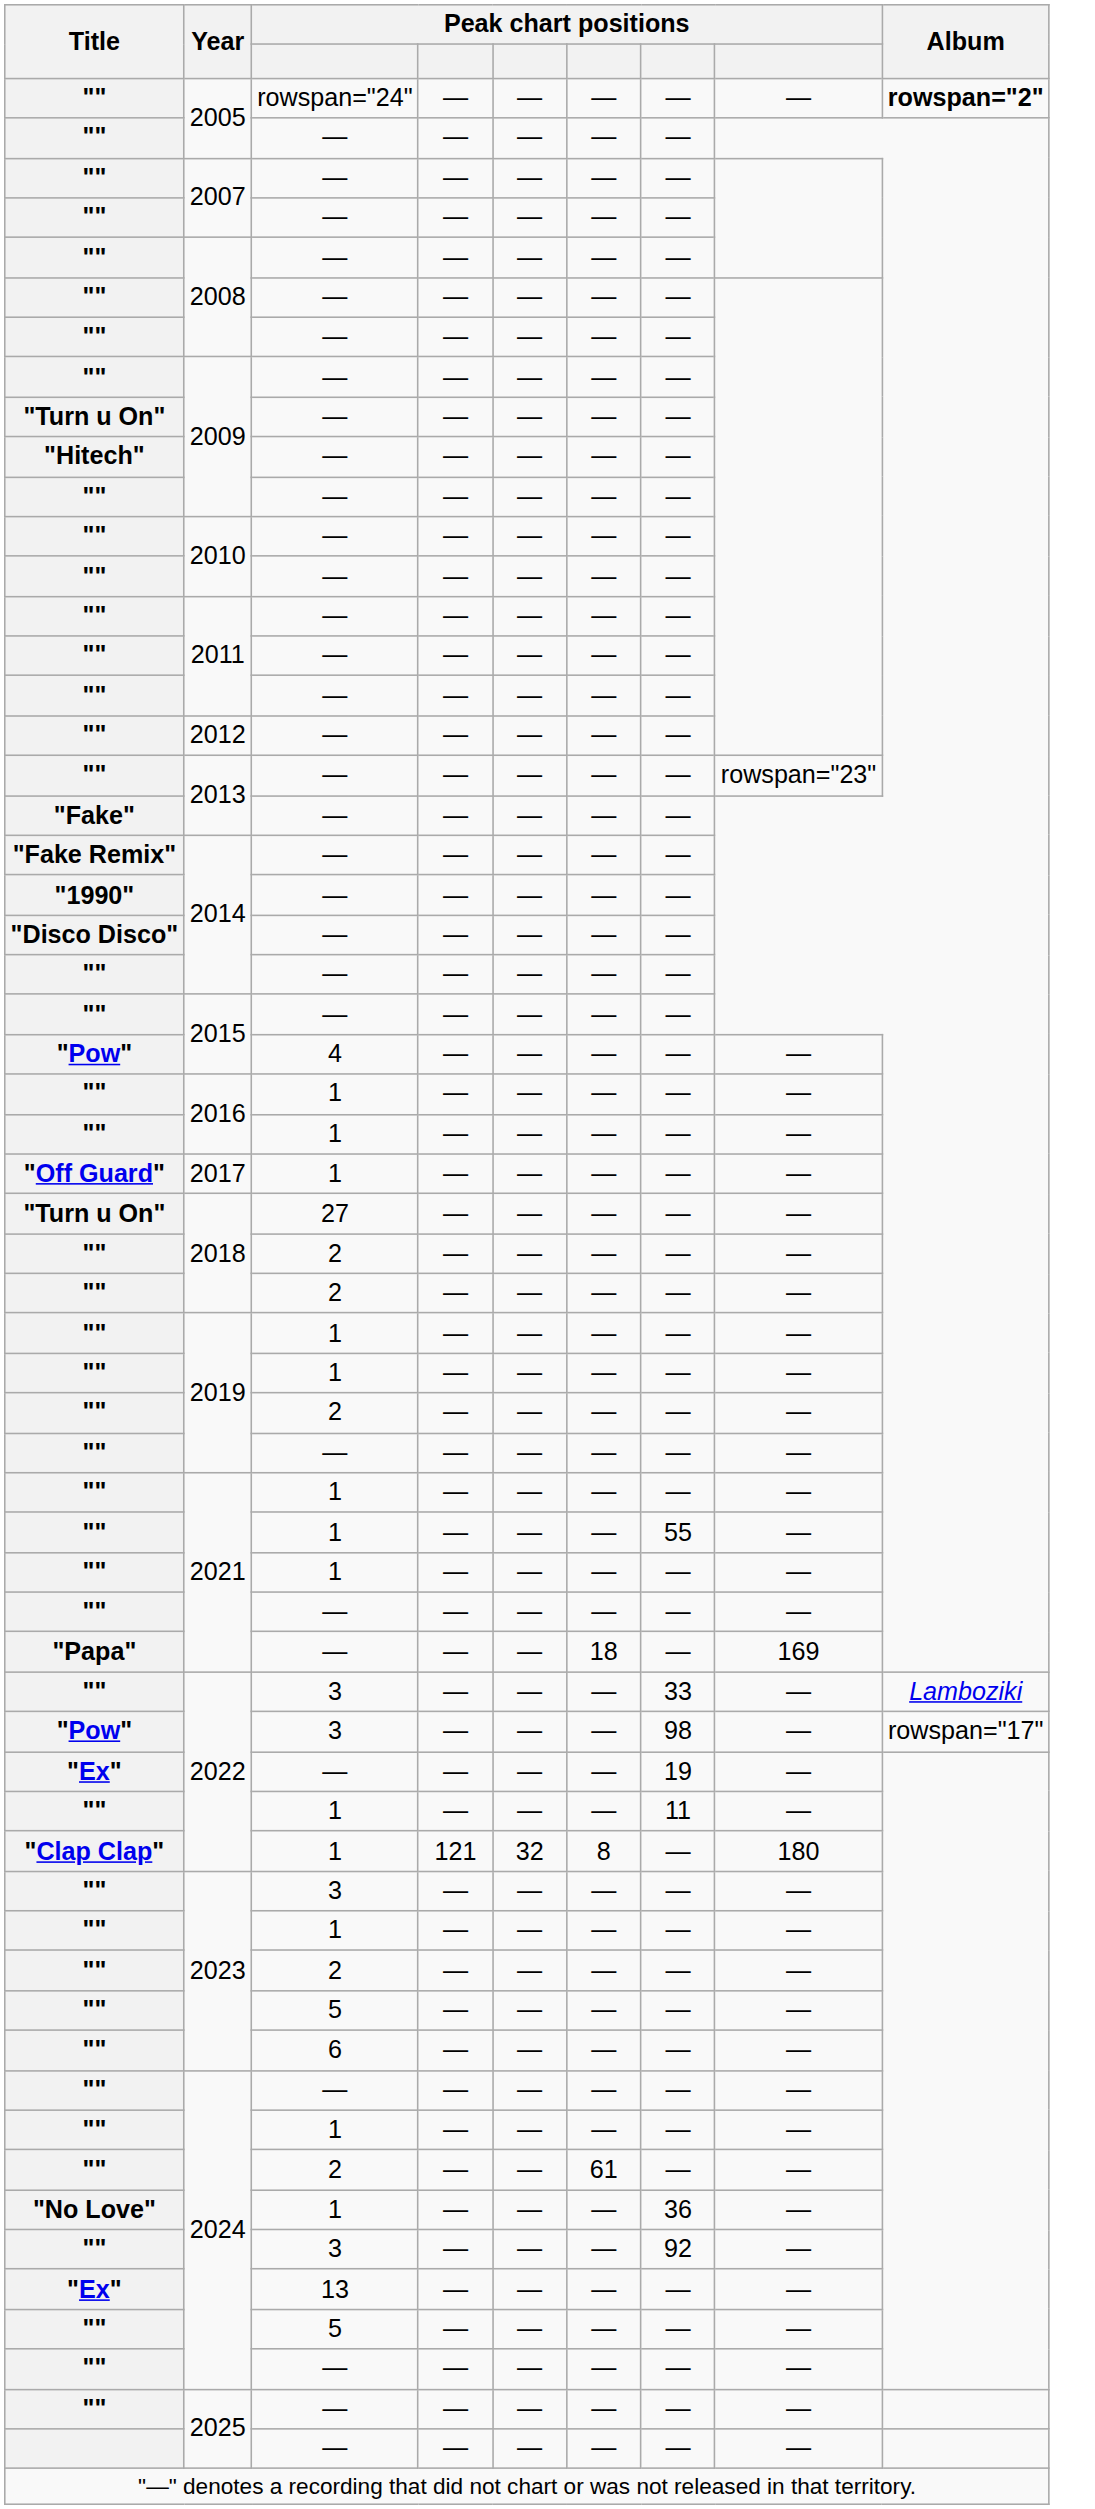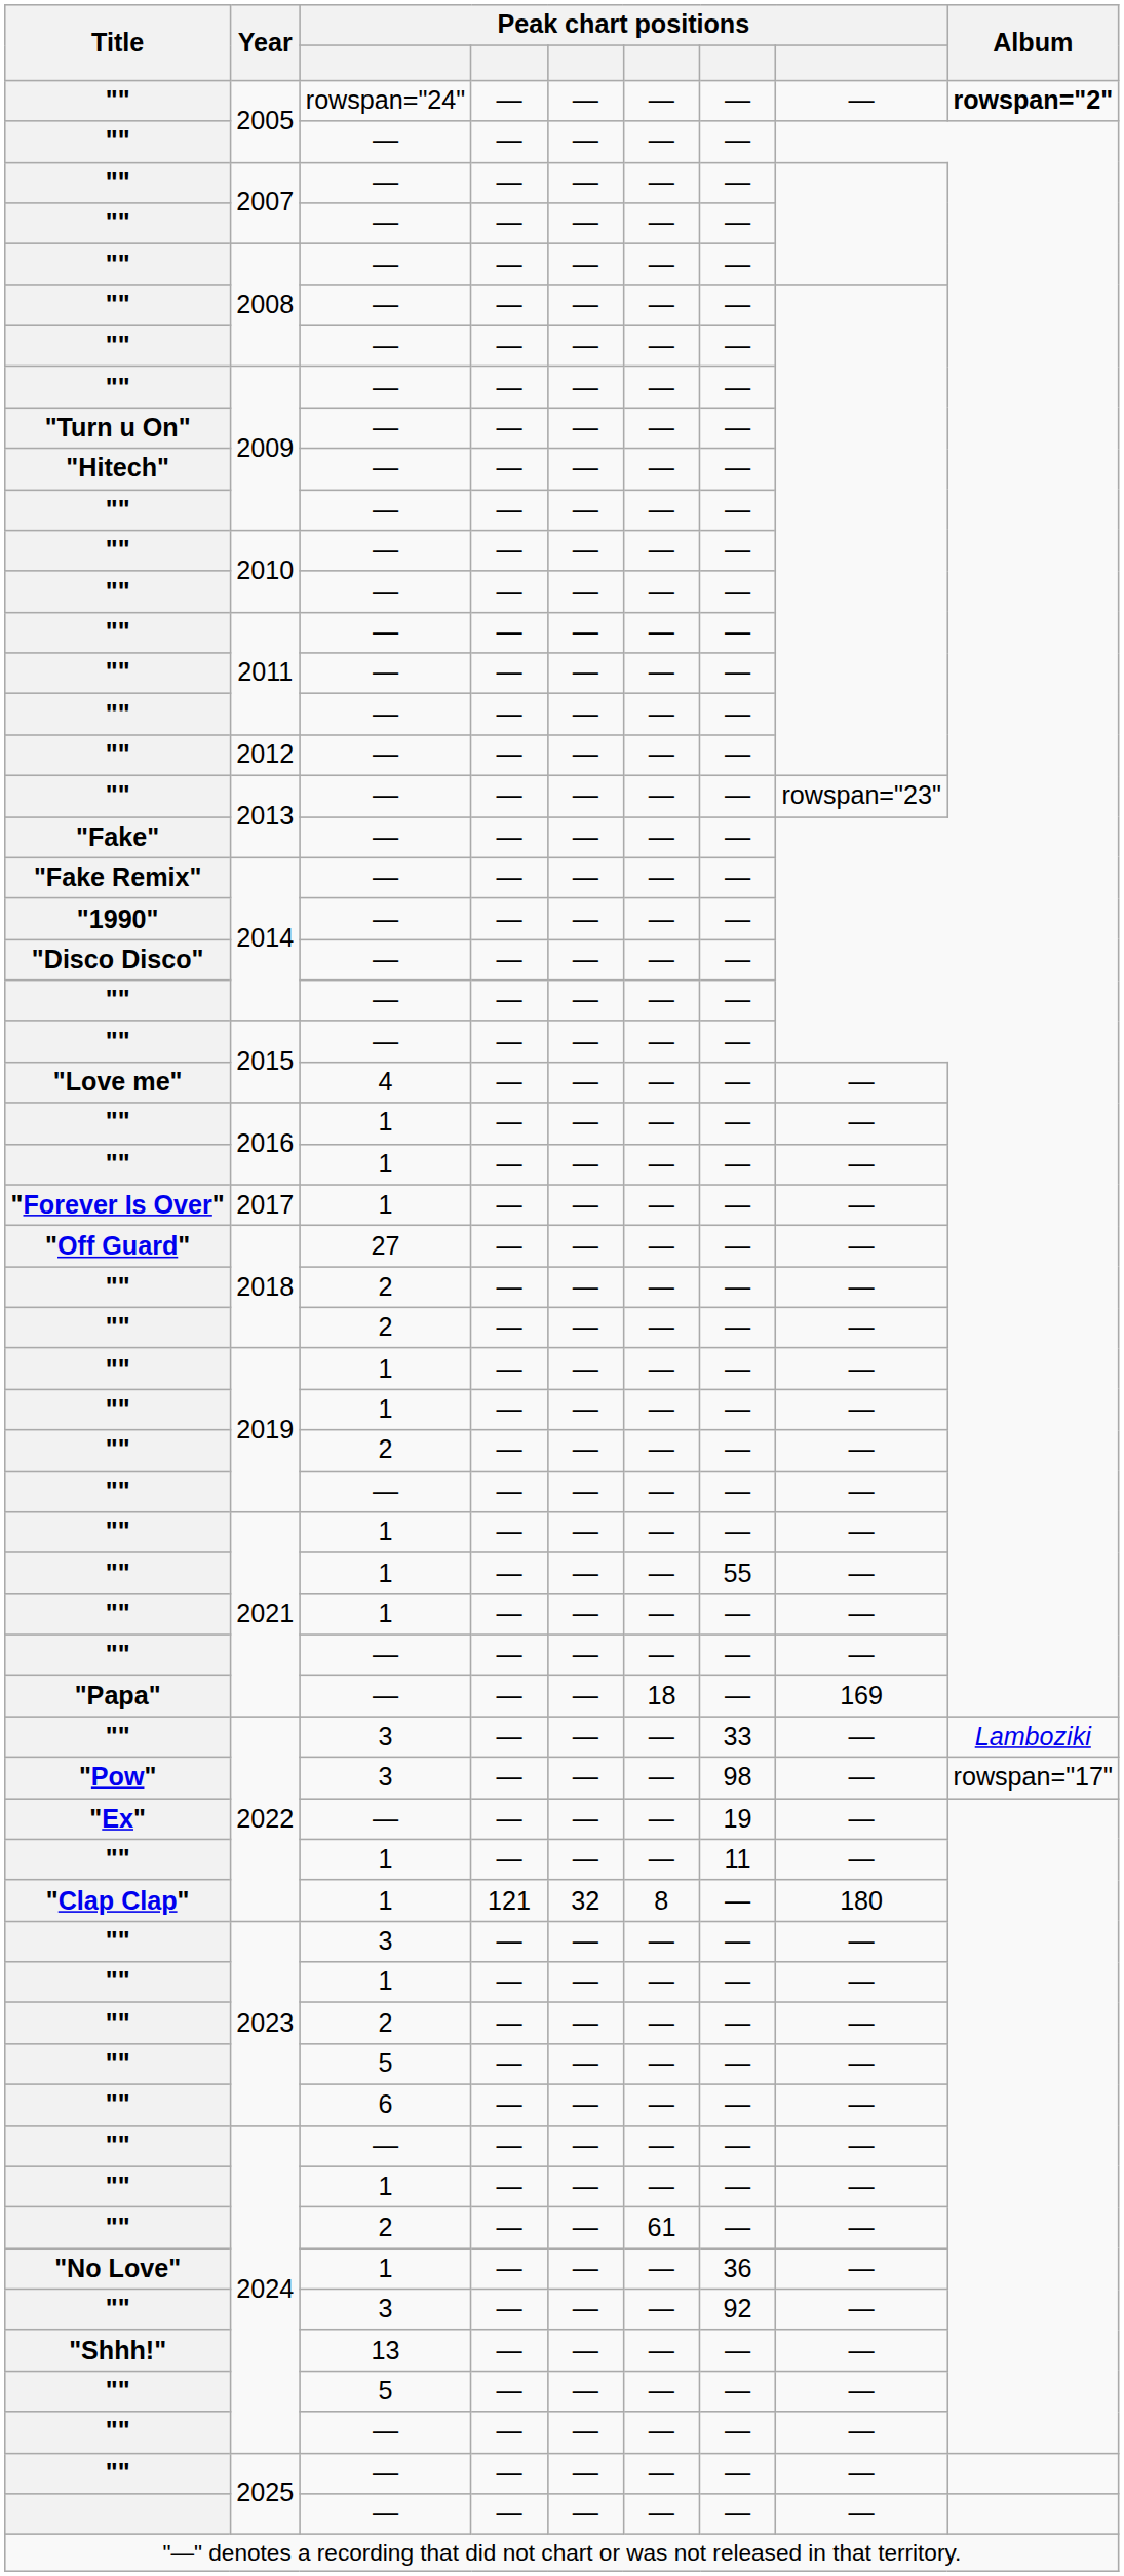 <table class="wikitable plainrowheaders" style="text-align:center;">
 <tr>
 <th scope="col" rowspan="2">Title</th>
 <th scope="col" rowspan="2">Year</th>
 <th scope="col" colspan="6">Peak chart positions</th>
 <th scope="col" rowspan="2">Album</th>
 </tr>
 <tr>
 <th style="width:3em; font-size:85%;"><a href='#'></a><br></th>
 <th style="width:3em;font-size:85%;"><a href='#'></a><br></th>
 <th style="width:3em; font-size:85%;"><a href='#'></a><br></th>
 <th style="width:3em; font-size:85%;"><a href='#'></a><br></th>
 <th style="width:3em; font-size:85%;"><a href='#'></a><br></th>
 <th style="width:3em; font-size:85%;"><a href='#'></a><br></th>
 </tr>
 <tr>
 <th scope="row">""</th>
 <td rowspan="2">2005</td>
 <td>rowspan="24" </td>
 <td>—</td>
 <td>—</td>
 <td>—</td>
 <td>—</td>
 <td>—</td>
 <td><strong>rowspan="2" </strong></td>
 </tr>
 <tr>
 <th scope="row">""</th>
 <td>—</td>
 <td>—</td>
 <td>—</td>
 <td>—</td>
 <td>—</td>
 </tr>
 <tr>
 <th scope="row">""</th>
 <td rowspan="2">2007</td>
 <td>—</td>
 <td>—</td>
 <td>—</td>
 <td>—</td>
 <td>—</td>
 <td rowspan="3"></td>
 </tr>
 <tr>
 <th scope="row">""</th>
 <td>—</td>
 <td>—</td>
 <td>—</td>
 <td>—</td>
 <td>—</td>
 </tr>
 <tr>
 <th scope="row">""</th>
 <td rowspan="3">2008</td>
 <td>—</td>
 <td>—</td>
 <td>—</td>
 <td>—</td>
 <td>—</td>
 </tr>
 <tr>
 <th scope="row">""</th>
 <td>—</td>
 <td>—</td>
 <td>—</td>
 <td>—</td>
 <td>—</td>
 <td rowspan="12"></td>
 </tr>
 <tr>
 <th scope="row">""</th>
 <td>—</td>
 <td>—</td>
 <td>—</td>
 <td>—</td>
 <td>—</td>
 </tr>
 <tr>
 <th scope="row">""</th>
 <td rowspan="4">2009</td>
 <td>—</td>
 <td>—</td>
 <td>—</td>
 <td>—</td>
 <td>—</td>
 </tr>
 <tr>
 <th scope="row">"Turn u On"</th>
 <td>—</td>
 <td>—</td>
 <td>—</td>
 <td>—</td>
 <td>—</td>
 </tr>
 <tr>
 <th scope="row">"Hitech"</th>
 <td>—</td>
 <td>—</td>
 <td>—</td>
 <td>—</td>
 <td>—</td>
 </tr>
 <tr>
 <th scope="row">""</th>
 <td>—</td>
 <td>—</td>
 <td>—</td>
 <td>—</td>
 <td>—</td>
 </tr>
 <tr>
 <th scope="row">""</th>
 <td rowspan="2">2010</td>
 <td>—</td>
 <td>—</td>
 <td>—</td>
 <td>—</td>
 <td>—</td>
 </tr>
 <tr>
 <th scope="row">""</th>
 <td>—</td>
 <td>—</td>
 <td>—</td>
 <td>—</td>
 <td>—</td>
 </tr>
 <tr>
 <th scope="row">""</th>
 <td rowspan="3">2011</td>
 <td>—</td>
 <td>—</td>
 <td>—</td>
 <td>—</td>
 <td>—</td>
 </tr>
 <tr>
 <th scope="row">""</th>
 <td>—</td>
 <td>—</td>
 <td>—</td>
 <td>—</td>
 <td>—</td>
 </tr>
 <tr>
 <th scope="row">""</th>
 <td>—</td>
 <td>—</td>
 <td>—</td>
 <td>—</td>
 <td>—</td>
 </tr>
 <tr>
 <th scope="row">""</th>
 <td>2012</td>
 <td>—</td>
 <td>—</td>
 <td>—</td>
 <td>—</td>
 <td>—</td>
 </tr>
 <tr>
 <th scope="row">""<br></th>
 <td rowspan="2">2013</td>
 <td>—</td>
 <td>—</td>
 <td>—</td>
 <td>—</td>
 <td>—</td>
 <td>rowspan="23" </td>
 </tr>
 <tr>
 <th scope="row">"Fake"</th>
 <td>—</td>
 <td>—</td>
 <td>—</td>
 <td>—</td>
 <td>—</td>
 </tr>
 <tr>
 <th scope="row">"Fake Remix"<br></th>
 <td rowspan="4">2014</td>
 <td>—</td>
 <td>—</td>
 <td>—</td>
 <td>—</td>
 <td>—</td>
 </tr>
 <tr>
 <th scope="row">"1990"<br></th>
 <td>—</td>
 <td>—</td>
 <td>—</td>
 <td>—</td>
 <td>—</td>
 </tr>
 <tr>
 <th scope="row">"Disco Disco"<br></th>
 <td>—</td>
 <td>—</td>
 <td>—</td>
 <td>—</td>
 <td>—</td>
 </tr>
 <tr>
 <th scope="row">""</th>
 <td>—</td>
 <td>—</td>
 <td>—</td>
 <td>—</td>
 <td>—</td>
 </tr>
 <tr>
 <th scope="row">""<br></th>
 <td rowspan="2">2015</td>
 <td>—</td>
 <td>—</td>
 <td>—</td>
 <td>—</td>
 <td>—</td>
 </tr>
 <tr>
-<th scope="row">"<a href='#'>Pow</a>"</th>
+<th scope="row">"Love me"<br></th>
 <td>4</td>
 <td>—</td>
 <td>—</td>
 <td>—</td>
 <td>—</td>
 <td>—</td>
 </tr>
 <tr>
 <th scope="row">""</th>
 <td rowspan="2">2016</td>
 <td>1</td>
 <td>—</td>
 <td>—</td>
 <td>—</td>
 <td>—</td>
 <td>—</td>
 </tr>
 <tr>
 <th scope="row">""<br></th>
 <td>1</td>
 <td>—</td>
 <td>—</td>
 <td>—</td>
 <td>—</td>
 <td>—</td>
 </tr>
 <tr>
-<th scope="row">"<a href='#'>Off Guard</a>"<br></th>
+<th scope="row">"<a href='#'>Forever Is Over</a>"</th>
 <td>2017</td>
 <td>1</td>
 <td>—</td>
 <td>—</td>
 <td>—</td>
 <td>—</td>
 <td>—</td>
 </tr>
 <tr>
-<th scope="row">"Turn u On"</th>
+<th scope="row">"<a href='#'>Off Guard</a>"<br></th>
 <td rowspan="3">2018</td>
 <td>27</td>
 <td>—</td>
 <td>—</td>
 <td>—</td>
 <td>—</td>
 <td>—</td>
 </tr>
 <tr>
 <th scope="row">""</th>
 <td>2</td>
 <td>—</td>
 <td>—</td>
 <td>—</td>
 <td>—</td>
 <td>—</td>
 </tr>
 <tr>
 <th scope="row">""<br></th>
 <td>2</td>
 <td>—</td>
 <td>—</td>
 <td>—</td>
 <td>—</td>
 <td>—</td>
 </tr>
 <tr>
 <th scope="row">""</th>
 <td rowspan="4">2019</td>
 <td>1</td>
 <td>—</td>
 <td>—</td>
 <td>—</td>
 <td>—</td>
 <td>—</td>
 </tr>
 <tr>
 <th scope="row">""<br></th>
 <td>1</td>
 <td>—</td>
 <td>—</td>
 <td>—</td>
 <td>—</td>
 <td>—</td>
 </tr>
 <tr>
 <th scope="row">""</th>
 <td>2</td>
 <td>—</td>
 <td>—</td>
 <td>—</td>
 <td>—</td>
 <td>—</td>
 </tr>
 <tr>
 <th scope="row">""</th>
 <td>—</td>
 <td>—</td>
 <td>—</td>
 <td>—</td>
 <td>—</td>
 <td>—</td>
 </tr>
 <tr>
 <th scope="row">""</th>
 <td rowspan="5">2021</td>
 <td>1</td>
 <td>—</td>
 <td>—</td>
 <td>—</td>
 <td>—</td>
 <td>—</td>
 </tr>
 <tr>
 <th scope="row">""</th>
 <td>1</td>
 <td>—</td>
 <td>—</td>
 <td>—</td>
 <td>55</td>
 <td>—</td>
 </tr>
 <tr>
 <th scope="row">""<br></th>
 <td>1</td>
 <td>—</td>
 <td>—</td>
 <td>—</td>
 <td>—</td>
 <td>—</td>
 </tr>
 <tr>
 <th scope="row">""<br></th>
 <td>—</td>
 <td>—</td>
 <td>—</td>
 <td>—</td>
 <td>—</td>
 <td>—</td>
 </tr>
 <tr>
 <th scope="row">"Papa"<br></th>
 <td>—</td>
 <td>—</td>
 <td>—</td>
 <td>18</td>
 <td>—</td>
 <td>169</td>
 </tr>
 <tr>
 <th scope="row">""<br></th>
 <td rowspan="5">2022</td>
 <td>3</td>
 <td>—</td>
 <td>—</td>
 <td>—</td>
 <td>33</td>
 <td>—</td>
 <td><em><a href='#'>Lamboziki</a></em></td>
 </tr>
 <tr>
 <th scope="row">"<a href='#'>Pow</a>"</th>
 <td>3</td>
 <td>—</td>
 <td>—</td>
 <td>—</td>
 <td>98</td>
 <td>—</td>
 <td>rowspan="17" </td>
 </tr>
 <tr>
 <th scope="row">"<a href='#'>Ex</a>"<br></th>
 <td>—</td>
 <td>—</td>
 <td>—</td>
 <td>—</td>
 <td>19</td>
 <td>—</td>
 </tr>
 <tr>
 <th scope="row">""<br></th>
 <td>1</td>
 <td>—</td>
 <td>—</td>
 <td>—</td>
 <td>11</td>
 <td>—</td>
 </tr>
 <tr>
 <th scope="row">"<a href='#'>Clap Clap</a>"<br></th>
 <td>1</td>
 <td>121</td>
 <td>32</td>
 <td>8</td>
 <td>—</td>
 <td>180</td>
 </tr>
 <tr>
 <th scope="row">""<br></th>
 <td rowspan="5">2023</td>
 <td>3</td>
 <td>—</td>
 <td>—</td>
 <td>—</td>
 <td>—</td>
 <td>—</td>
 </tr>
 <tr>
 <th scope="row">""</th>
 <td>1</td>
 <td>—</td>
 <td>—</td>
 <td>—</td>
 <td>—</td>
 <td>—</td>
 </tr>
 <tr>
 <th scope="row">""</th>
 <td>2</td>
 <td>—</td>
 <td>—</td>
 <td>—</td>
 <td>—</td>
 <td>—</td>
 </tr>
 <tr>
 <th scope="row">""</th>
 <td>5</td>
 <td>—</td>
 <td>—</td>
 <td>—</td>
 <td>—</td>
 <td>—</td>
 </tr>
 <tr>
 <th scope="row">""</th>
 <td>6</td>
 <td>—</td>
 <td>—</td>
 <td>—</td>
 <td>—</td>
 <td>—</td>
 </tr>
 <tr>
 <th scope="row">""</th>
 <td rowspan="8">2024</td>
 <td>—</td>
 <td>—</td>
 <td>—</td>
 <td>—</td>
 <td>—</td>
 <td>—</td>
 </tr>
 <tr>
 <th scope="row">""</th>
 <td>1</td>
 <td>—</td>
 <td>—</td>
 <td>—</td>
 <td>—</td>
 <td>—</td>
 </tr>
 <tr>
 <th scope="row">""<br></th>
 <td>2</td>
 <td>—</td>
 <td>—</td>
 <td>61</td>
 <td>—</td>
 <td>—</td>
 </tr>
 <tr>
 <th scope="row">"No Love"<br></th>
 <td>1</td>
 <td>—</td>
 <td>—</td>
 <td>—</td>
 <td>36</td>
 <td>—</td>
 </tr>
 <tr>
 <th scope="row">""<br></th>
 <td>3</td>
 <td>—</td>
 <td>—</td>
 <td>—</td>
 <td>92</td>
 <td>—</td>
 </tr>
 <tr>
-<th scope="row">"<a href='#'>Ex</a>"<br></th>
+<th scope="row">"Shhh!"<br></th>
 <td>13</td>
 <td>—</td>
 <td>—</td>
 <td>—</td>
 <td>—</td>
 <td>—</td>
 </tr>
 <tr>
 <th scope="row">""</th>
 <td>5</td>
 <td>—</td>
 <td>—</td>
 <td>—</td>
 <td>—</td>
 <td>—</td>
 </tr>
 <tr>
 <th scope="row">""</th>
 <td>—</td>
 <td>—</td>
 <td>—</td>
 <td>—</td>
 <td>—</td>
 <td>—</td>
 </tr>
 <tr>
 <th scope="row">""</th>
 <td rowspan="2">2025</td>
 <td>—</td>
 <td>—</td>
 <td>—</td>
 <td>—</td>
 <td>—</td>
 <td>—</td>
 <td></td>
 </tr>
 <tr>
 <th scope="row"></th>
 <td>—</td>
 <td>—</td>
 <td>—</td>
 <td>—</td>
 <td>—</td>
 <td>—</td>
 <td></td>
 </tr>
 <tr>
 <td colspan="9" style="font-size:90%">"—" denotes a recording that did not chart or was not released in that territory.</td>
 </tr>
 </table>
